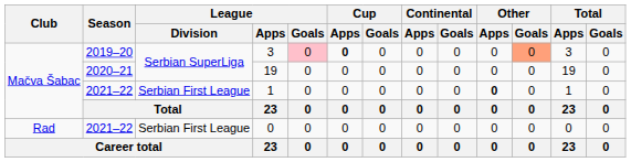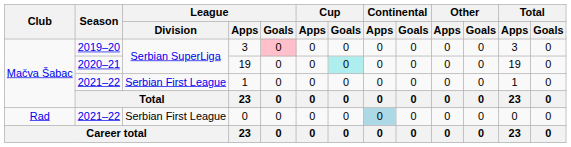 <table class="wikitable" style="text-align: center">
 <tr>
 <th rowspan="2">Club</th>
 <th rowspan="2">Season</th>
 <th colspan="3">League</th>
 <th colspan="2">Cup</th>
 <th colspan="2">Continental</th>
 <th colspan="2">Other</th>
 <th colspan="2">Total</th>
 </tr>
 <tr>
 <th>Division</th>
 <th>Apps</th>
 <th>Goals</th>
 <th>Apps</th>
 <th>Goals</th>
 <th>Apps</th>
 <th>Goals</th>
 <th>Apps</th>
 <th>Goals</th>
 <th>Apps</th>
 <th>Goals</th>
 </tr>
 <tr>
 <td rowspan=4><a href='#'>Mačva Šabac</a></td>
 <td><a href='#'>2019–20</a></td>
 <td rowspan=2><a href='#'>Serbian SuperLiga</a></td>
 <td>3</td>
 <td style="background: pink;">0</td>
-<td><strong>0</strong></td>
 <td>0</td>
 <td>0</td>
 <td>0</td>
 <td>0</td>
-<td style="background: lightsalmon;">0</td>
+<td>0</td>
+<td>0</td>
 <td>3</td>
 <td>0</td>
 </tr>
 <tr>
 <td><a href='#'>2020–21</a></td>
 <td>19</td>
 <td>0</td>
 <td>0</td>
-<td>0</td>
+<td style="background: paleturquoise;">0</td>
 <td>0</td>
 <td>0</td>
 <td>0</td>
 <td>0</td>
 <td>19</td>
 <td>0</td>
 </tr>
 <tr>
 <td><a href='#'>2021–22</a></td>
 <td><a href='#'>Serbian First League</a></td>
 <td>1</td>
 <td>0</td>
 <td>0</td>
 <td>0</td>
 <td>0</td>
 <td>0</td>
-<td><strong>0</strong></td>
+<td>0</td>
 <td>0</td>
 <td>1</td>
 <td>0</td>
 </tr>
 <tr>
 <th colspan="2"><strong>Total</strong></th>
 <th>23</th>
 <th>0</th>
 <th>0</th>
 <th>0</th>
 <th>0</th>
 <th>0</th>
 <th>0</th>
 <th>0</th>
 <th>23</th>
 <th>0</th>
 </tr>
 <tr>
 <td rowspan=1><a href='#'>Rad</a></td>
 <td><a href='#'>2021–22</a></td>
 <td>Serbian First League</td>
 <td>0</td>
 <td>0</td>
 <td>0</td>
 <td>0</td>
-<td>0</td>
+<td style="background: lightblue;">0</td>
 <td>0</td>
 <td>0</td>
 <td>0</td>
 <td>0</td>
 <td>0</td>
 </tr>
 <tr>
 <th colspan="3"><strong>Career total</strong></th>
 <th>23</th>
 <th>0</th>
 <th>0</th>
 <th>0</th>
 <th>0</th>
 <th>0</th>
 <th>0</th>
 <th>0</th>
 <th>23</th>
 <th>0</th>
 </tr>
 </table>
